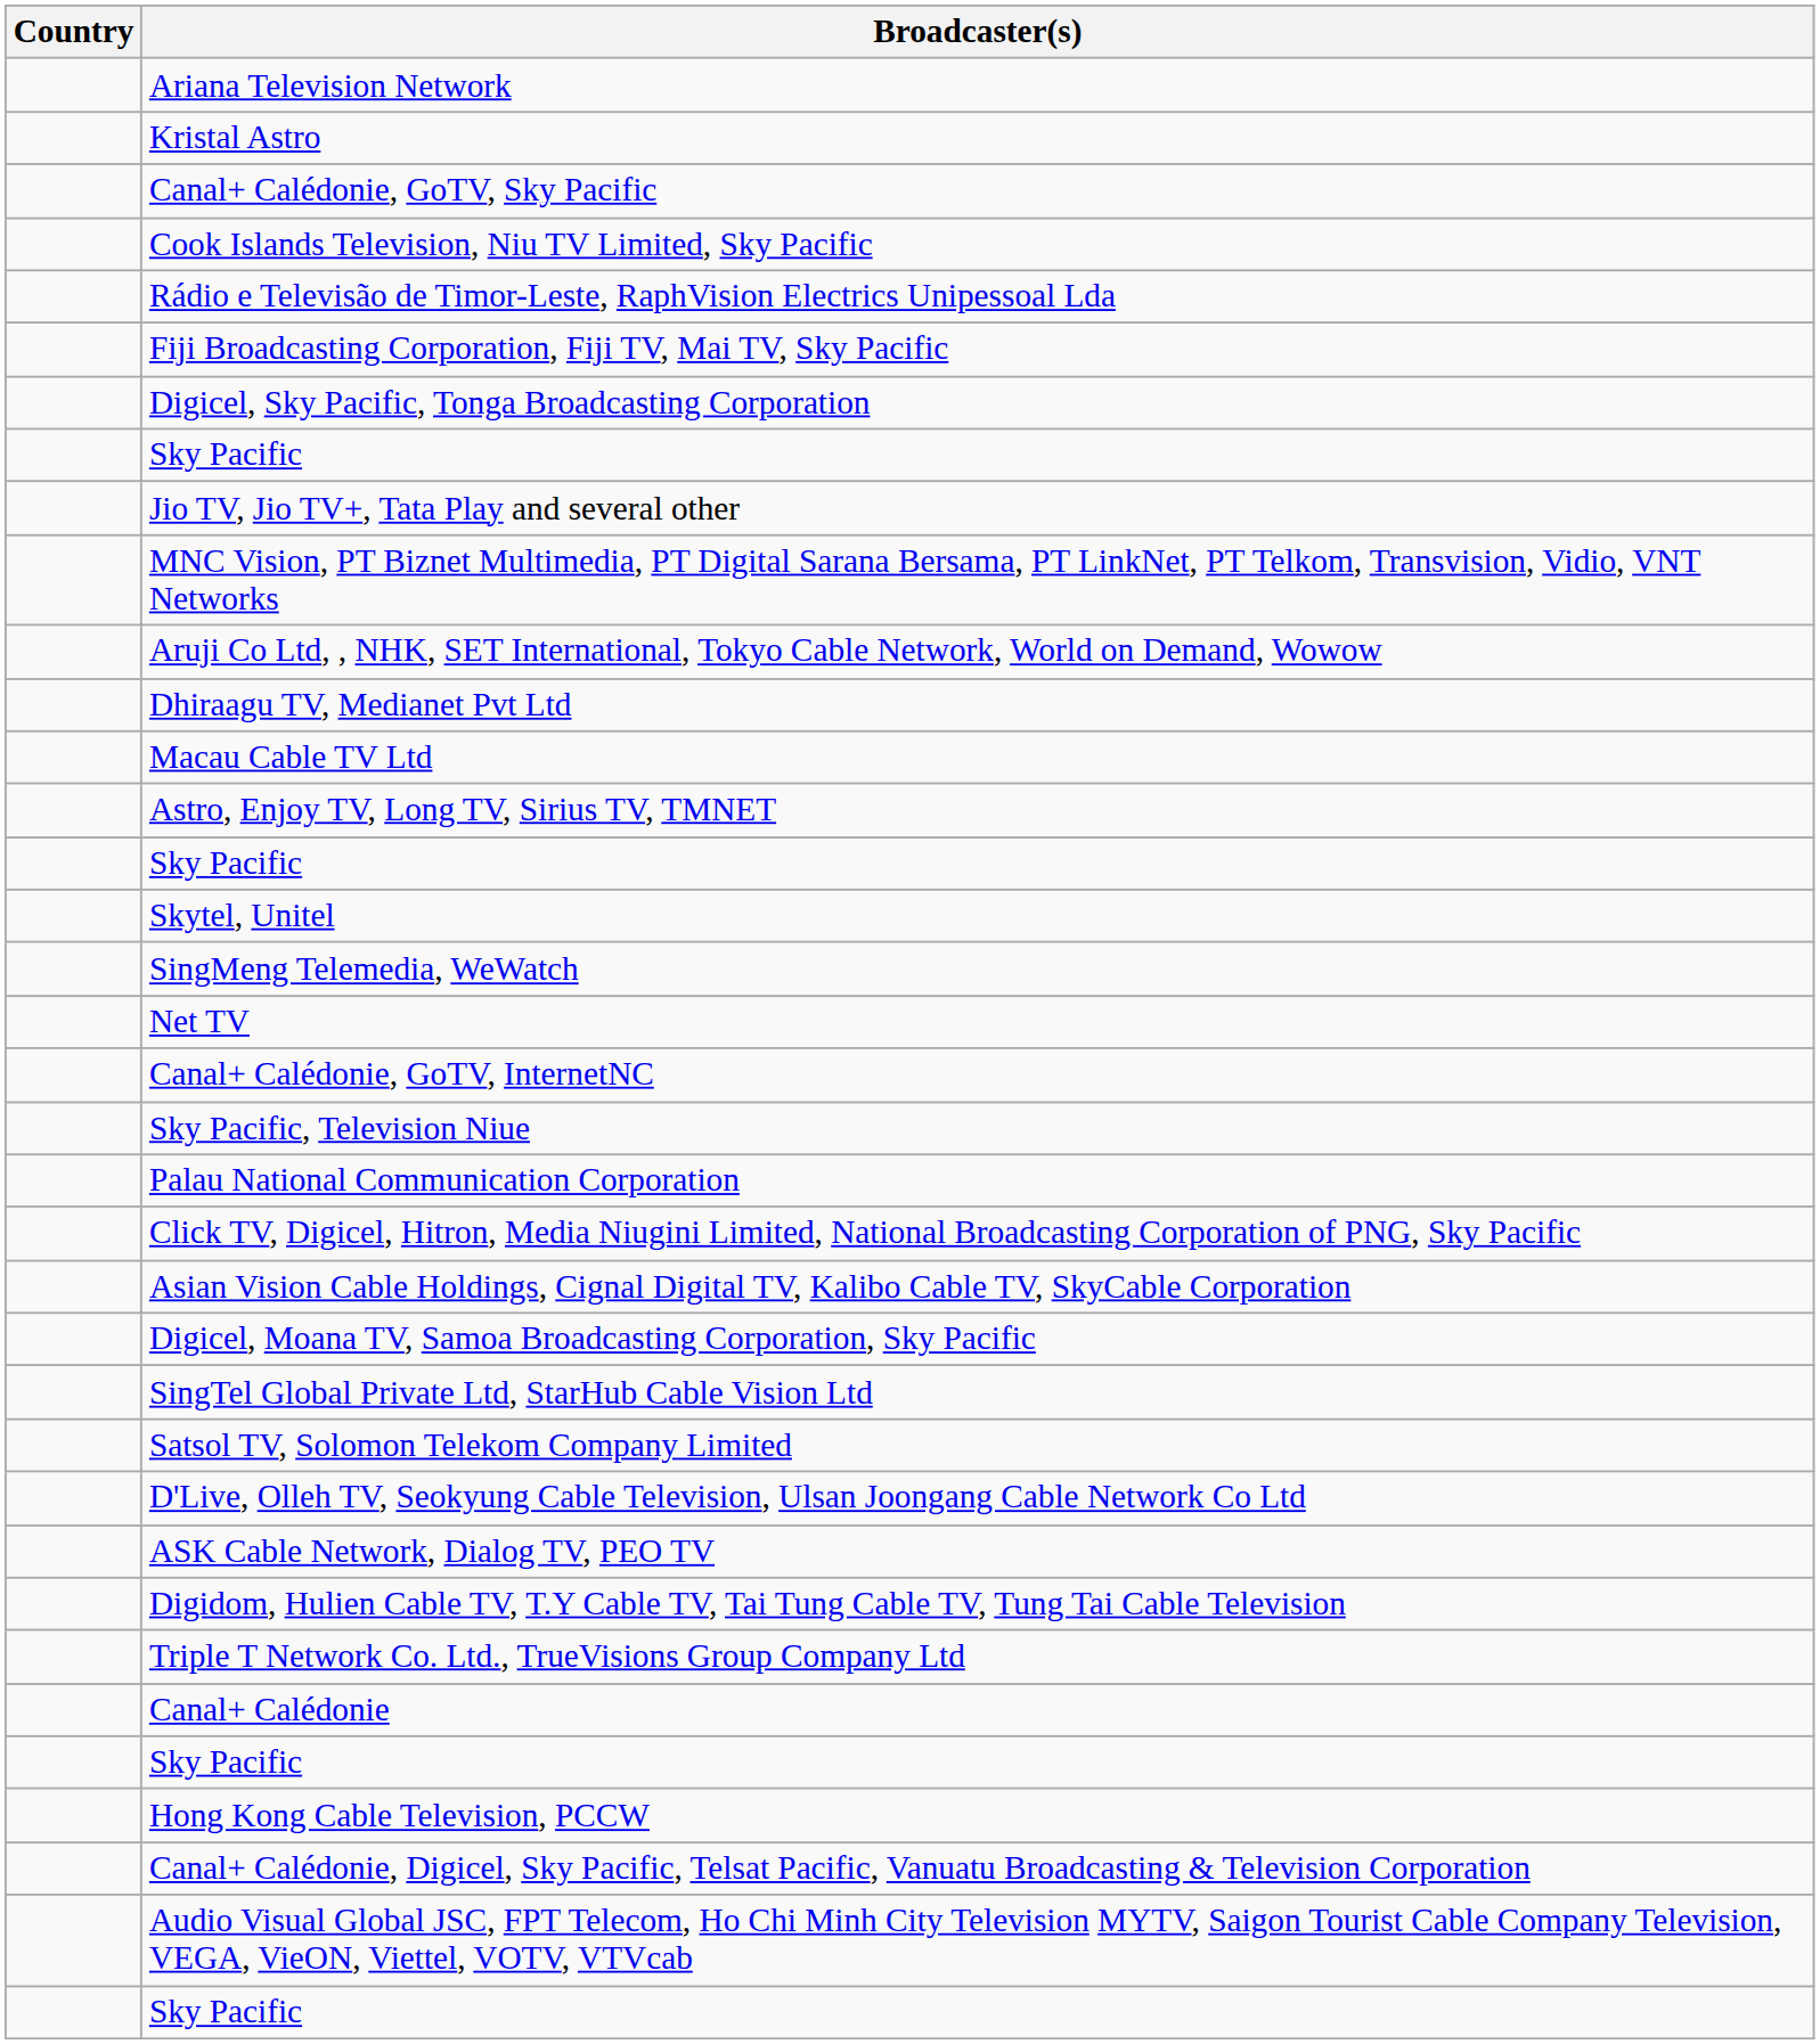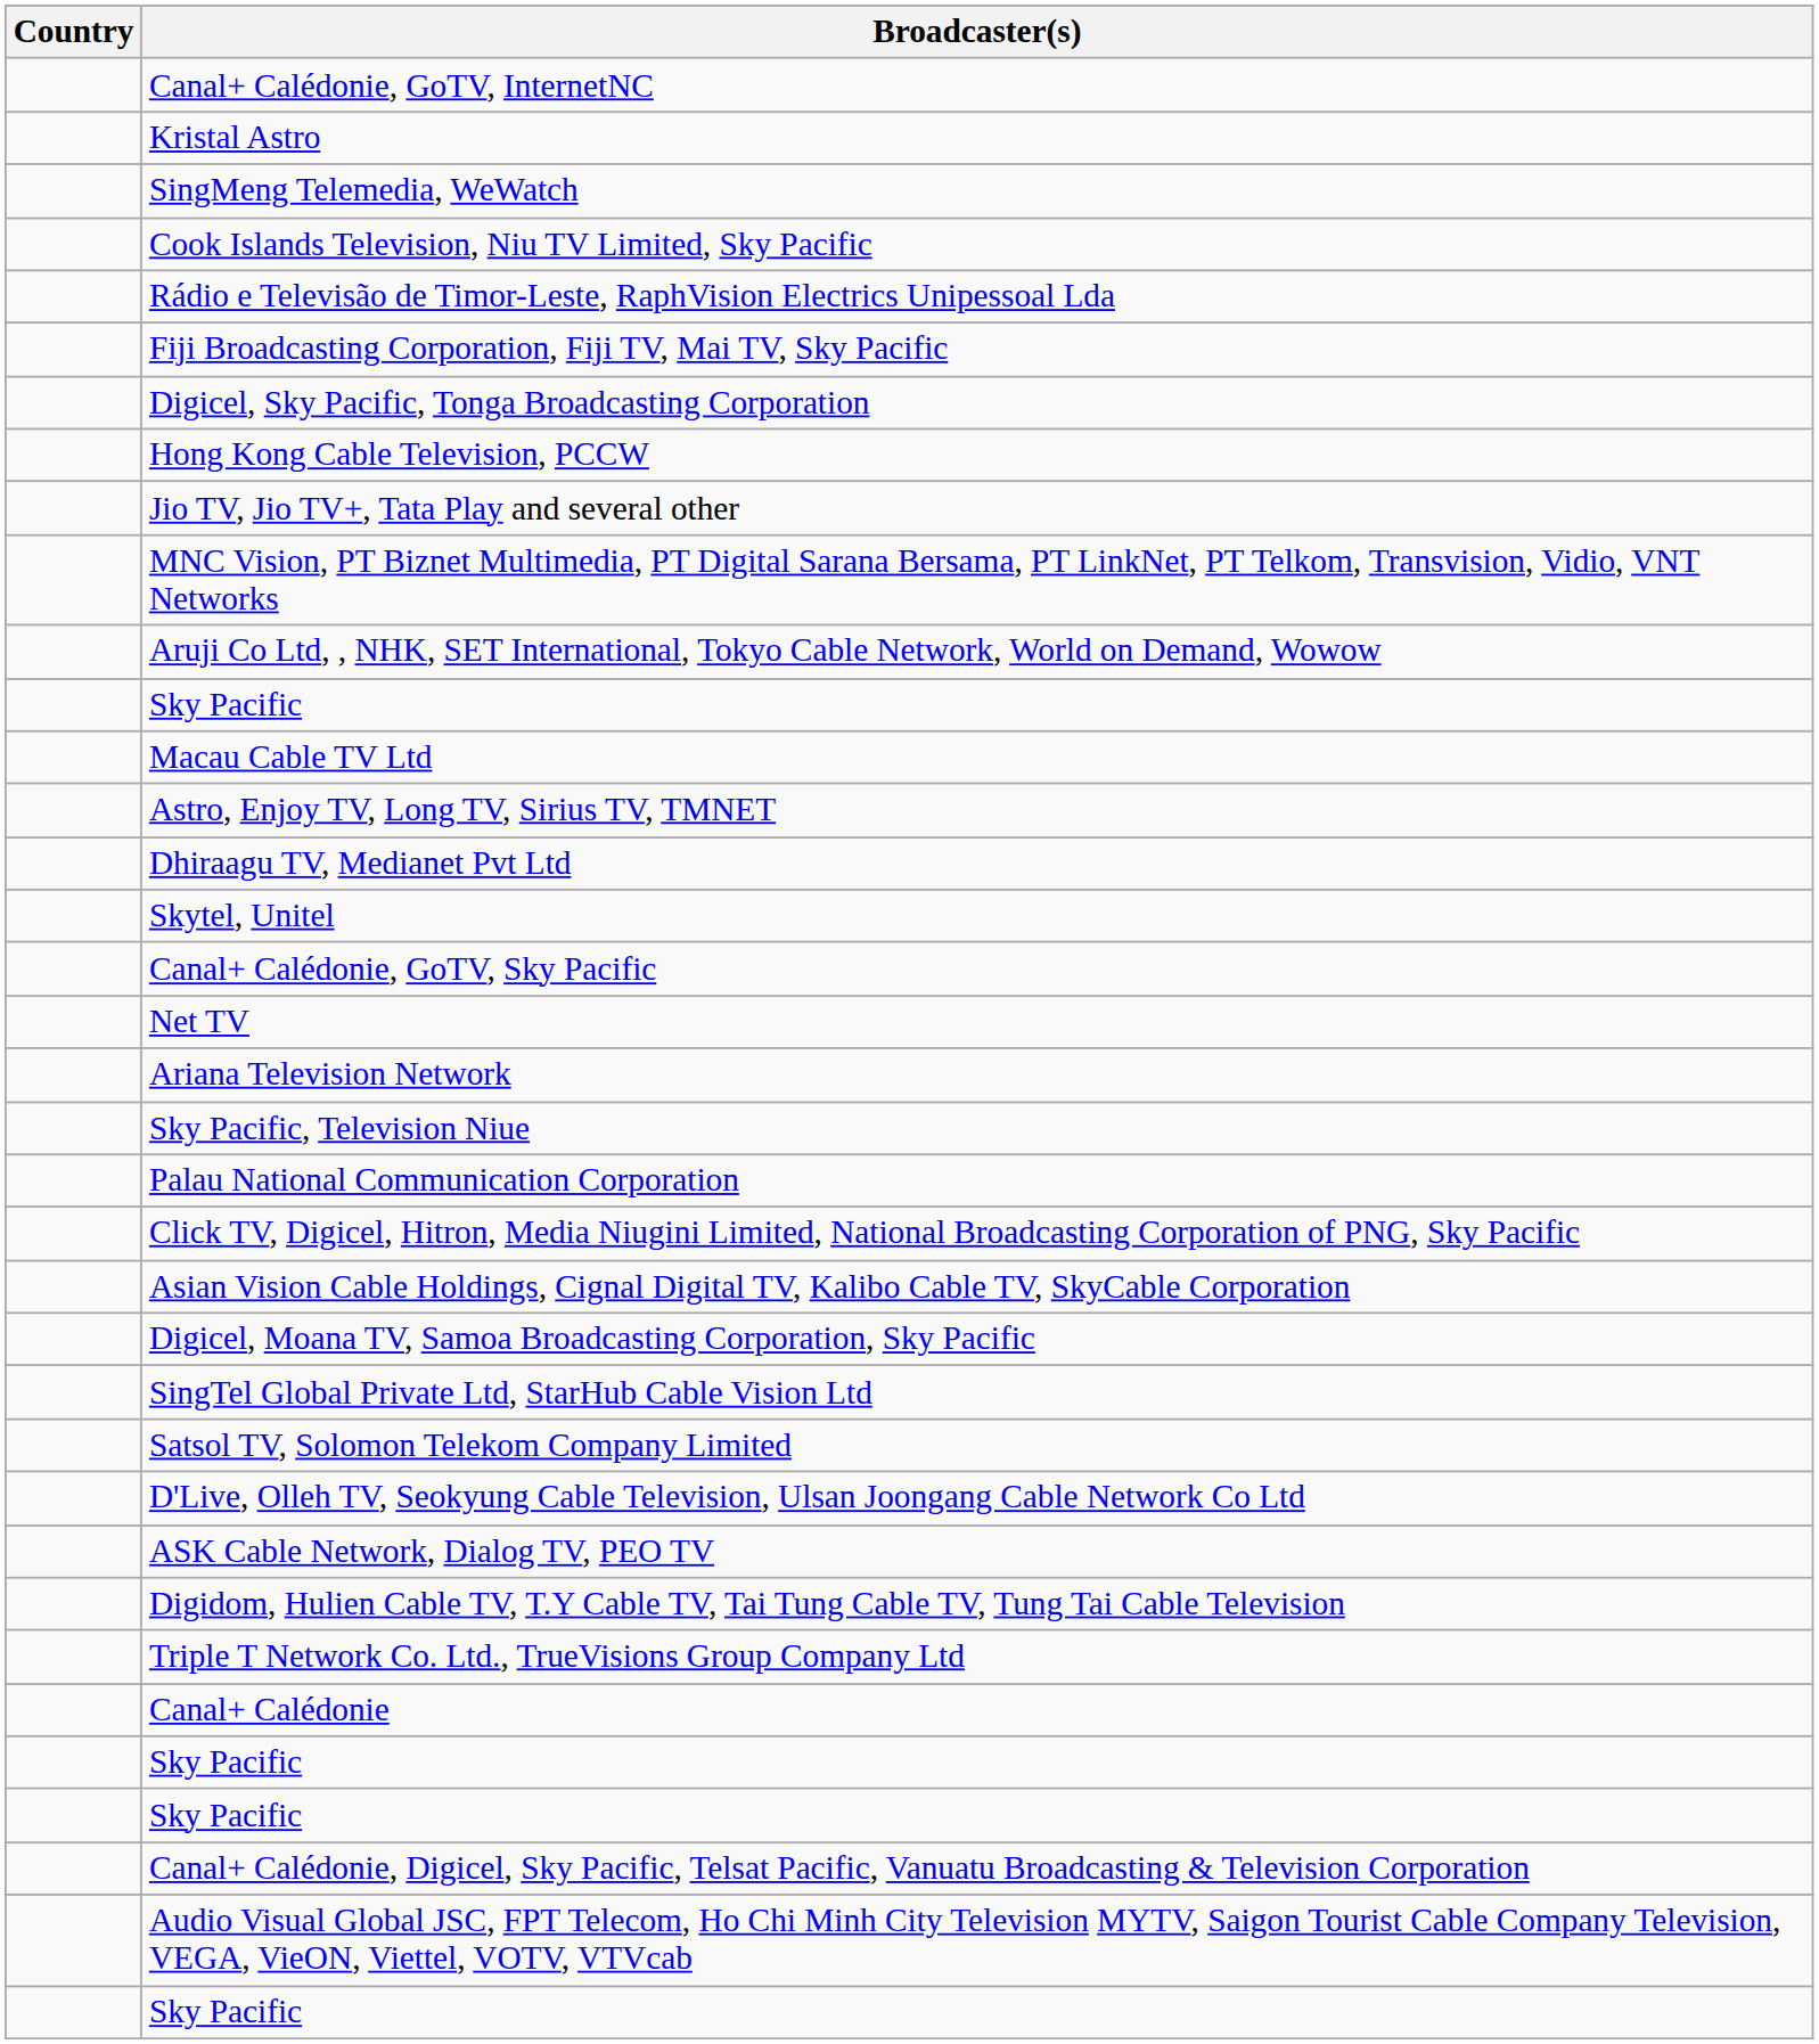 <table class="wikitable">
 <tr>
 <th>Country</th>
 <th>Broadcaster(s)</th>
 </tr>
 <tr>
 <td></td>
-<td><a href='#'>Ariana Television Network</a></td>
+<td><a href='#'>Canal+ Calédonie</a>, <a href='#'>GoTV</a>, <a href='#'>InternetNC</a></td>
 </tr>
 <tr>
 <td></td>
 <td><a href='#'>Kristal Astro</a></td>
 </tr>
 <tr>
 <td></td>
-<td><a href='#'>Canal+ Calédonie</a>, <a href='#'>GoTV</a>, <a href='#'>Sky Pacific</a></td>
+<td><a href='#'>SingMeng Telemedia</a>, <a href='#'>WeWatch</a></td>
 </tr>
 <tr>
 <td></td>
 <td><a href='#'>Cook Islands Television</a>, <a href='#'>Niu TV Limited</a>, <a href='#'>Sky Pacific</a></td>
 </tr>
 <tr>
 <td></td>
 <td><a href='#'>Rádio e Televisão de Timor-Leste</a>, <a href='#'>RaphVision Electrics Unipessoal Lda</a></td>
 </tr>
 <tr>
 <td></td>
 <td><a href='#'>Fiji Broadcasting Corporation</a>, <a href='#'>Fiji TV</a>, <a href='#'>Mai TV</a>, <a href='#'>Sky Pacific</a></td>
 </tr>
 <tr>
 <td></td>
 <td><a href='#'>Digicel</a>, <a href='#'>Sky Pacific</a>, <a href='#'>Tonga Broadcasting Corporation</a></td>
 </tr>
 <tr>
 <td></td>
-<td><a href='#'>Sky Pacific</a></td>
+<td><a href='#'>Hong Kong Cable Television</a>, <a href='#'>PCCW</a></td>
 </tr>
 <tr>
 <td></td>
 <td><a href='#'>Jio TV</a>, <a href='#'>Jio TV+</a>, <a href='#'>Tata Play</a> and several other</td>
 </tr>
 <tr>
 <td></td>
 <td><a href='#'>MNC Vision</a>, <a href='#'>PT Biznet Multimedia</a>, <a href='#'>PT Digital Sarana Bersama</a>, <a href='#'>PT LinkNet</a>, <a href='#'>PT Telkom</a>, <a href='#'>Transvision</a>, <a href='#'>Vidio</a>, <a href='#'>VNT Networks</a></td>
 </tr>
 <tr>
 <td></td>
 <td><a href='#'>Aruji Co Ltd</a>, , <a href='#'>NHK</a>, <a href='#'>SET International</a>, <a href='#'>Tokyo Cable Network</a>, <a href='#'>World on Demand</a>, <a href='#'>Wowow</a></td>
 </tr>
 <tr>
 <td></td>
-<td><a href='#'>Dhiraagu TV</a>, <a href='#'>Medianet Pvt Ltd</a></td>
+<td><a href='#'>Sky Pacific</a></td>
 </tr>
 <tr>
 <td></td>
 <td><a href='#'>Macau Cable TV Ltd</a></td>
 </tr>
 <tr>
 <td></td>
 <td><a href='#'>Astro</a>, <a href='#'>Enjoy TV</a>, <a href='#'>Long TV</a>, <a href='#'>Sirius TV</a>, <a href='#'>TMNET</a></td>
 </tr>
 <tr>
 <td></td>
-<td><a href='#'>Sky Pacific</a></td>
+<td><a href='#'>Dhiraagu TV</a>, <a href='#'>Medianet Pvt Ltd</a></td>
 </tr>
 <tr>
 <td></td>
 <td><a href='#'>Skytel</a>, <a href='#'>Unitel</a></td>
 </tr>
 <tr>
 <td></td>
-<td><a href='#'>SingMeng Telemedia</a>, <a href='#'>WeWatch</a></td>
+<td><a href='#'>Canal+ Calédonie</a>, <a href='#'>GoTV</a>, <a href='#'>Sky Pacific</a></td>
 </tr>
 <tr>
 <td></td>
 <td><a href='#'>Net TV</a></td>
 </tr>
 <tr>
 <td></td>
-<td><a href='#'>Canal+ Calédonie</a>, <a href='#'>GoTV</a>, <a href='#'>InternetNC</a></td>
+<td><a href='#'>Ariana Television Network</a></td>
 </tr>
 <tr>
 <td></td>
 <td><a href='#'>Sky Pacific</a>, <a href='#'>Television Niue</a></td>
 </tr>
 <tr>
 <td></td>
 <td><a href='#'>Palau National Communication Corporation</a></td>
 </tr>
 <tr>
 <td></td>
 <td><a href='#'>Click TV</a>, <a href='#'>Digicel</a>, <a href='#'>Hitron</a>, <a href='#'>Media Niugini Limited</a>, <a href='#'>National Broadcasting Corporation of PNG</a>, <a href='#'>Sky Pacific</a></td>
 </tr>
 <tr>
 <td></td>
 <td><a href='#'>Asian Vision Cable Holdings</a>, <a href='#'>Cignal Digital TV</a>, <a href='#'>Kalibo Cable TV</a>, <a href='#'>SkyCable Corporation</a></td>
 </tr>
 <tr>
 <td></td>
 <td><a href='#'>Digicel</a>, <a href='#'>Moana TV</a>, <a href='#'>Samoa Broadcasting Corporation</a>, <a href='#'>Sky Pacific</a></td>
 </tr>
 <tr>
 <td></td>
 <td><a href='#'>SingTel Global Private Ltd</a>, <a href='#'>StarHub Cable Vision Ltd</a></td>
 </tr>
 <tr>
 <td></td>
 <td><a href='#'>Satsol TV</a>, <a href='#'>Solomon Telekom Company Limited</a></td>
 </tr>
 <tr>
 <td></td>
 <td><a href='#'>D'Live</a>, <a href='#'>Olleh TV</a>, <a href='#'>Seokyung Cable Television</a>, <a href='#'>Ulsan Joongang Cable Network Co Ltd</a></td>
 </tr>
 <tr>
 <td></td>
 <td><a href='#'>ASK Cable Network</a>, <a href='#'>Dialog TV</a>, <a href='#'>PEO TV</a></td>
 </tr>
 <tr>
 <td></td>
 <td><a href='#'>Digidom</a>, <a href='#'>Hulien Cable TV</a>, <a href='#'>T.Y Cable TV</a>, <a href='#'>Tai Tung Cable TV</a>, <a href='#'>Tung Tai Cable Television</a></td>
 </tr>
 <tr>
 <td></td>
 <td><a href='#'>Triple T Network Co. Ltd.</a>, <a href='#'>TrueVisions Group Company Ltd</a></td>
 </tr>
 <tr>
 <td></td>
 <td><a href='#'>Canal+ Calédonie</a></td>
 </tr>
 <tr>
 <td></td>
 <td><a href='#'>Sky Pacific</a></td>
 </tr>
 <tr>
 <td></td>
-<td><a href='#'>Hong Kong Cable Television</a>, <a href='#'>PCCW</a></td>
+<td><a href='#'>Sky Pacific</a></td>
 </tr>
 <tr>
 <td></td>
 <td><a href='#'>Canal+ Calédonie</a>, <a href='#'>Digicel</a>, <a href='#'>Sky Pacific</a>, <a href='#'>Telsat Pacific</a>, <a href='#'>Vanuatu Broadcasting & Television Corporation</a></td>
 </tr>
 <tr>
 <td></td>
 <td><a href='#'>Audio Visual Global JSC</a>, <a href='#'>FPT Telecom</a>, <a href='#'>Ho Chi Minh City Television</a> <a href='#'>MYTV</a>, <a href='#'>Saigon Tourist Cable Company Television</a>, <a href='#'>VEGA</a>, <a href='#'>VieON</a>, <a href='#'>Viettel</a>, <a href='#'>VOTV</a>, <a href='#'>VTVcab</a></td>
 </tr>
 <tr>
 <td></td>
 <td><a href='#'>Sky Pacific</a></td>
 </tr>
 </table>
